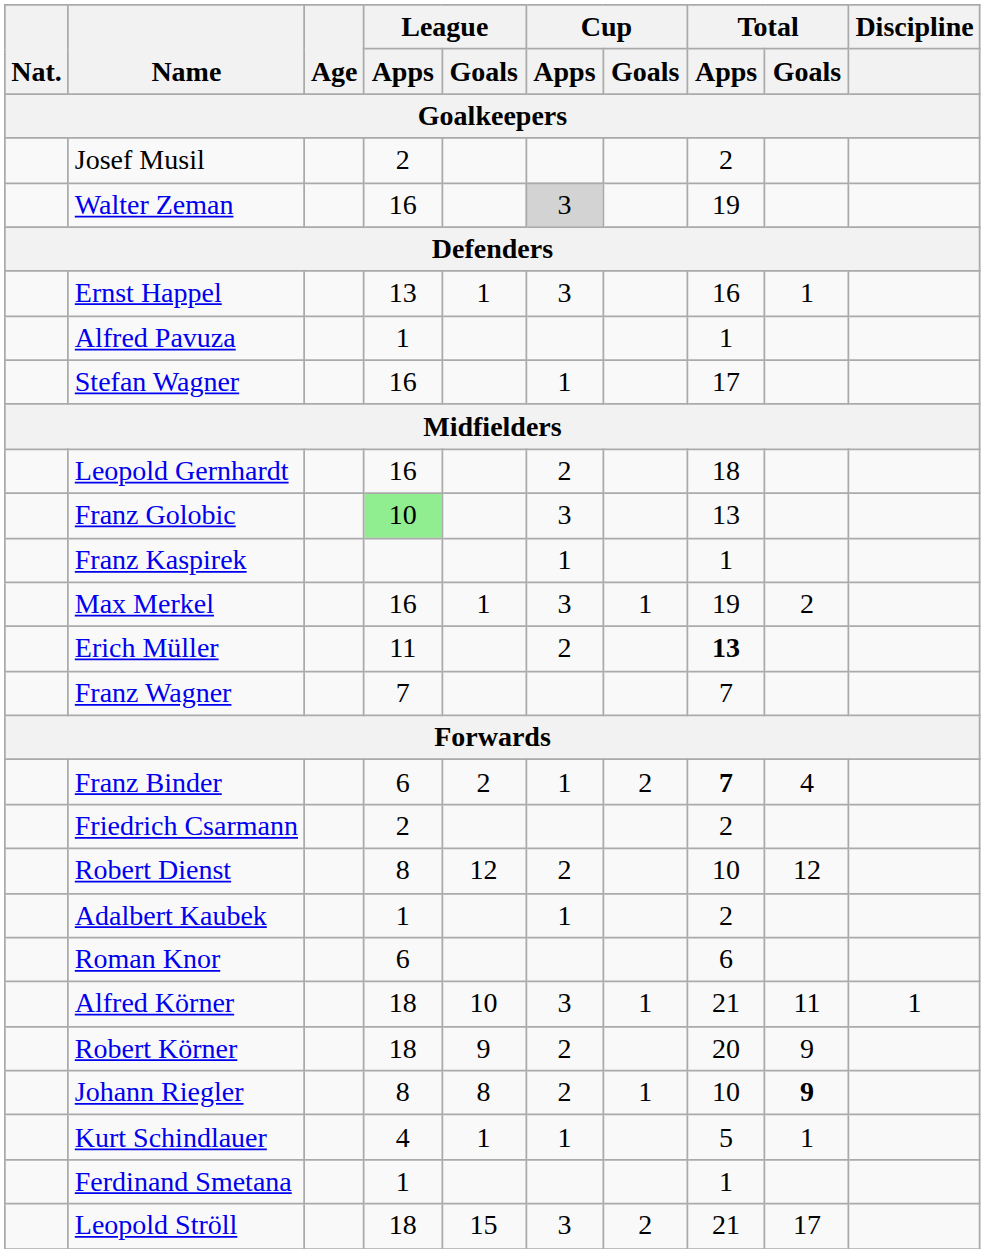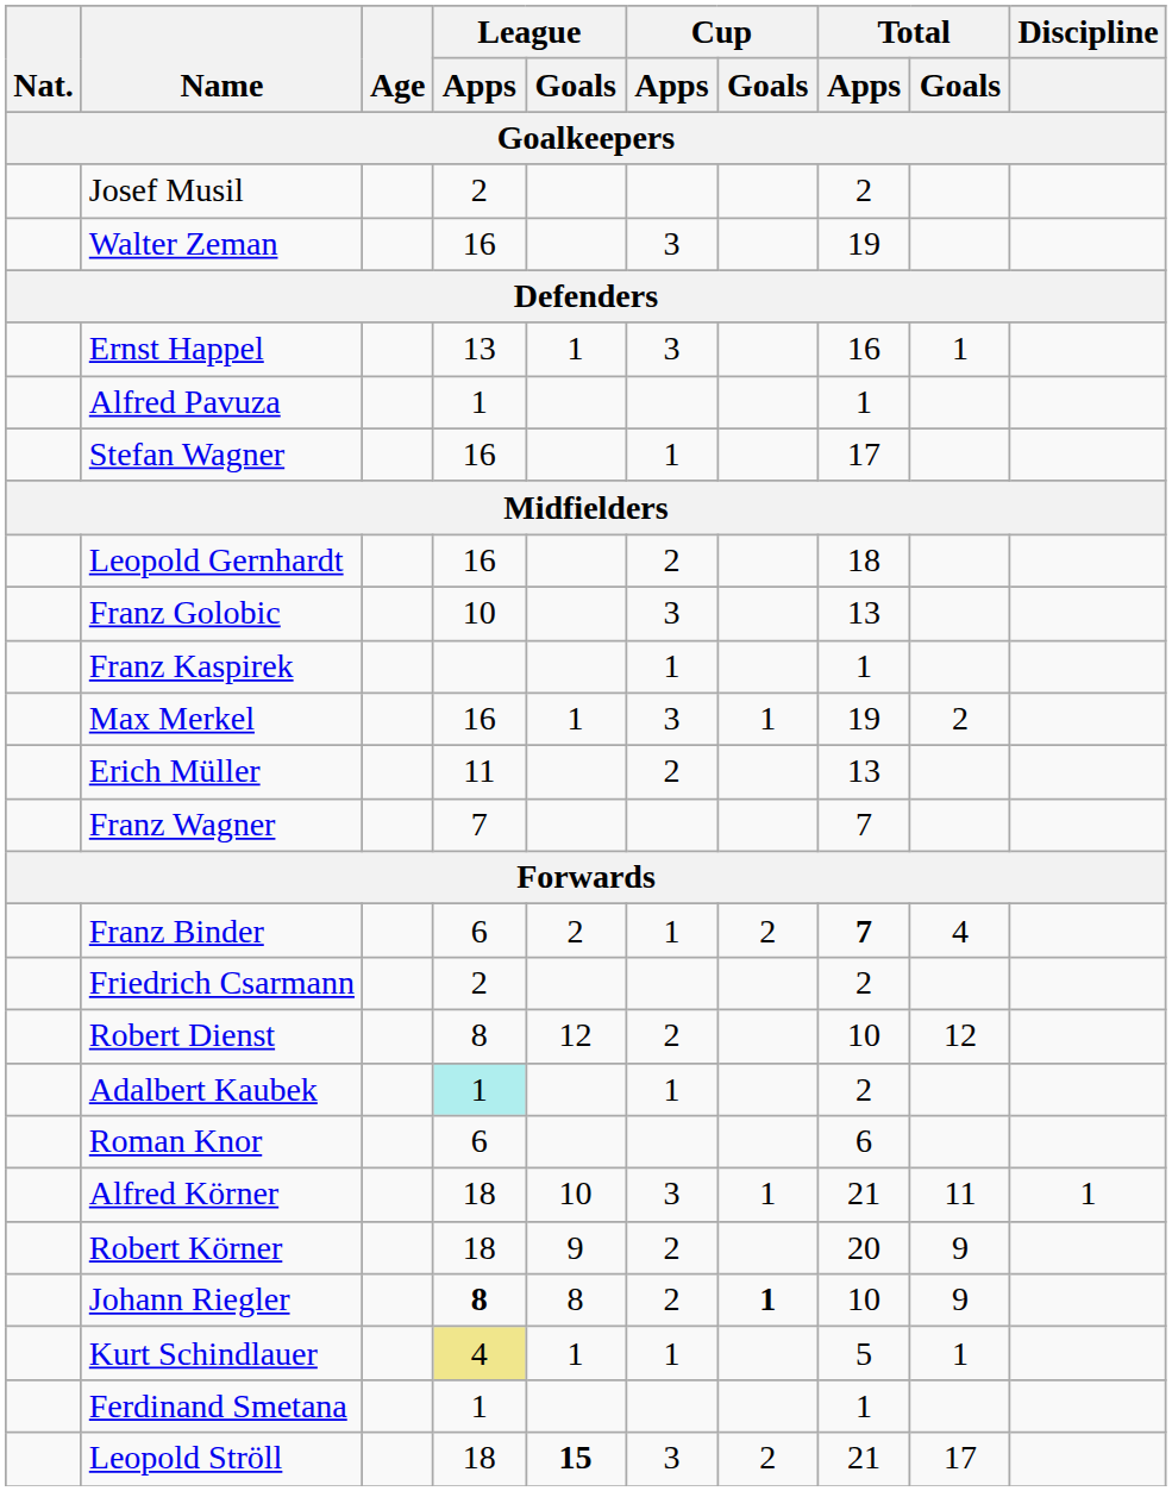 <table class="wikitable" style="text-align:center">
 <tr>
 <th rowspan="2" valign="bottom">Nat.</th>
 <th rowspan="2" valign="bottom">Name</th>
 <th rowspan="2" valign="bottom">Age</th>
 <th colspan="2" width="85">League</th>
 <th colspan="2" width="85">Cup</th>
 <th colspan="2" width="85">Total</th>
 <th>Discipline</th>
 </tr>
 <tr>
 <th>Apps</th>
 <th>Goals</th>
 <th>Apps</th>
 <th>Goals</th>
 <th>Apps</th>
 <th>Goals</th>
 <th></th>
 </tr>
 <tr>
 <th colspan=20>Goalkeepers</th>
 </tr>
 <tr>
 <td></td>
 <td align="left">Josef Musil</td>
 <td></td>
 <td>2</td>
 <td></td>
 <td></td>
 <td></td>
 <td>2</td>
 <td></td>
 <td></td>
 </tr>
 <tr>
 <td></td>
 <td align="left"><a href='#'>Walter Zeman</a></td>
 <td></td>
 <td>16</td>
 <td></td>
-<td style="background: lightgrey;">3</td>
+<td>3</td>
 <td></td>
 <td>19</td>
 <td></td>
 <td></td>
 </tr>
 <tr>
 <th colspan=20>Defenders</th>
 </tr>
 <tr>
 <td></td>
 <td align="left"><a href='#'>Ernst Happel</a></td>
 <td></td>
 <td>13</td>
 <td>1</td>
 <td>3</td>
 <td></td>
 <td>16</td>
 <td>1</td>
 <td></td>
 </tr>
 <tr>
 <td></td>
 <td align="left"><a href='#'>Alfred Pavuza</a></td>
 <td></td>
 <td>1</td>
 <td></td>
 <td></td>
 <td></td>
 <td>1</td>
 <td></td>
 <td></td>
 </tr>
 <tr>
 <td></td>
 <td align="left"><a href='#'>Stefan Wagner</a></td>
 <td></td>
 <td>16</td>
 <td></td>
 <td>1</td>
 <td></td>
 <td>17</td>
 <td></td>
 <td></td>
 </tr>
 <tr>
 <th colspan=20>Midfielders</th>
 </tr>
 <tr>
 <td></td>
 <td align="left"><a href='#'>Leopold Gernhardt</a></td>
 <td></td>
 <td>16</td>
 <td></td>
 <td>2</td>
 <td></td>
 <td>18</td>
 <td></td>
 <td></td>
 </tr>
 <tr>
 <td></td>
 <td align="left"><a href='#'>Franz Golobic</a></td>
 <td></td>
-<td style="background: lightgreen;">10</td>
+<td>10</td>
 <td></td>
 <td>3</td>
 <td></td>
 <td>13</td>
 <td></td>
 <td></td>
 </tr>
 <tr>
 <td></td>
 <td align="left"><a href='#'>Franz Kaspirek</a></td>
 <td></td>
 <td></td>
 <td></td>
 <td>1</td>
 <td></td>
 <td>1</td>
 <td></td>
 <td></td>
 </tr>
 <tr>
 <td></td>
 <td align="left"><a href='#'>Max Merkel</a></td>
 <td></td>
 <td>16</td>
 <td>1</td>
 <td>3</td>
 <td>1</td>
 <td>19</td>
 <td>2</td>
 <td></td>
 </tr>
 <tr>
 <td></td>
 <td align="left"><a href='#'>Erich Müller</a></td>
 <td></td>
 <td>11</td>
 <td></td>
 <td>2</td>
 <td></td>
-<td><strong>13</strong></td>
+<td>13</td>
 <td></td>
 <td></td>
 </tr>
 <tr>
 <td></td>
 <td align="left"><a href='#'>Franz Wagner</a></td>
 <td></td>
 <td>7</td>
 <td></td>
 <td></td>
 <td></td>
 <td>7</td>
 <td></td>
 <td></td>
 </tr>
 <tr>
 <th colspan=20>Forwards</th>
 </tr>
 <tr>
 <td></td>
 <td align="left"><a href='#'>Franz Binder</a></td>
 <td></td>
 <td>6</td>
 <td>2</td>
 <td>1</td>
 <td>2</td>
 <td><strong>7</strong></td>
 <td>4</td>
 <td></td>
 </tr>
 <tr>
 <td></td>
 <td align="left"><a href='#'>Friedrich Csarmann</a></td>
 <td></td>
 <td>2</td>
 <td></td>
 <td></td>
 <td></td>
 <td>2</td>
 <td></td>
 <td></td>
 </tr>
 <tr>
 <td></td>
 <td align="left"><a href='#'>Robert Dienst</a></td>
 <td></td>
 <td>8</td>
 <td>12</td>
 <td>2</td>
 <td></td>
 <td>10</td>
 <td>12</td>
 <td></td>
 </tr>
 <tr>
 <td></td>
 <td align="left"><a href='#'>Adalbert Kaubek</a></td>
 <td></td>
-<td>1</td>
+<td style="background: paleturquoise;">1</td>
 <td></td>
 <td>1</td>
 <td></td>
 <td>2</td>
 <td></td>
 <td></td>
 </tr>
 <tr>
 <td></td>
 <td align="left"><a href='#'>Roman Knor</a></td>
 <td></td>
 <td>6</td>
 <td></td>
 <td></td>
 <td></td>
 <td>6</td>
 <td></td>
 <td></td>
 </tr>
 <tr>
 <td></td>
 <td align="left"><a href='#'>Alfred Körner</a></td>
 <td></td>
 <td>18</td>
 <td>10</td>
 <td>3</td>
 <td>1</td>
 <td>21</td>
 <td>11</td>
 <td>1</td>
 </tr>
 <tr>
 <td></td>
 <td align="left"><a href='#'>Robert Körner</a></td>
 <td></td>
 <td>18</td>
 <td>9</td>
 <td>2</td>
 <td></td>
 <td>20</td>
 <td>9</td>
 <td></td>
 </tr>
 <tr>
 <td></td>
 <td align="left"><a href='#'>Johann Riegler</a></td>
 <td></td>
-<td>8</td>
+<td><strong>8</strong></td>
 <td>8</td>
 <td>2</td>
-<td>1</td>
+<td><strong>1</strong></td>
 <td>10</td>
-<td><strong>9</strong></td>
+<td>9</td>
 <td></td>
 </tr>
 <tr>
 <td></td>
 <td align="left"><a href='#'>Kurt Schindlauer</a></td>
 <td></td>
-<td>4</td>
+<td style="background: khaki;">4</td>
 <td>1</td>
 <td>1</td>
 <td></td>
 <td>5</td>
 <td>1</td>
 <td></td>
 </tr>
 <tr>
 <td></td>
 <td align="left"><a href='#'>Ferdinand Smetana</a></td>
 <td></td>
 <td>1</td>
 <td></td>
 <td></td>
 <td></td>
 <td>1</td>
 <td></td>
 <td></td>
 </tr>
 <tr>
 <td></td>
 <td align="left"><a href='#'>Leopold Ströll</a></td>
 <td></td>
 <td>18</td>
-<td>15</td>
+<td><strong>15</strong></td>
 <td>3</td>
 <td>2</td>
 <td>21</td>
 <td>17</td>
 <td></td>
 </tr>
 </table>
